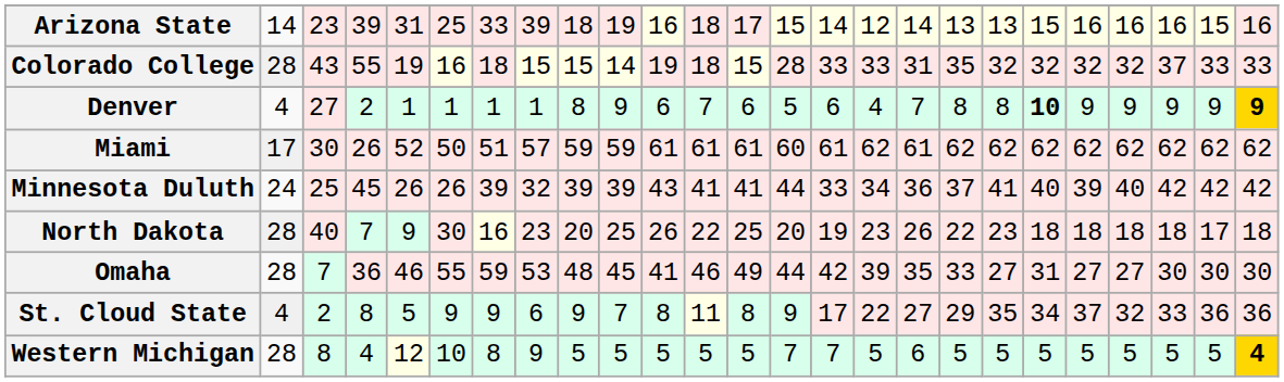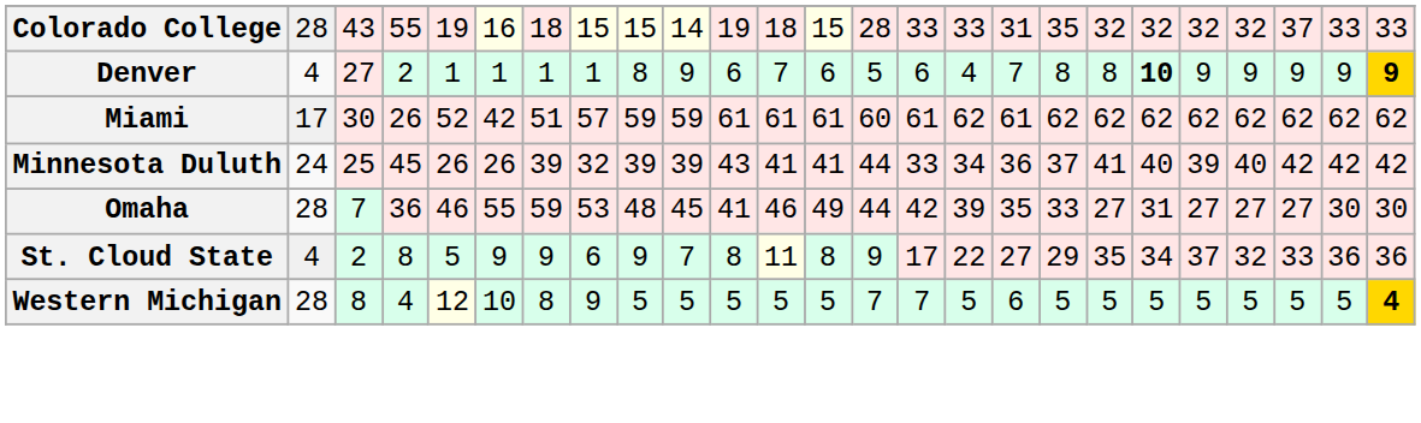 <table class="wikitable sortable" style="text-align: center;">
 <tr>
-</tr>
-<tr>
-<th>Arizona State</th>
-<td>14</td>
-<td bgcolor=FFE6E6>23</td>
-<td bgcolor=FFE6E6>39</td>
-<td bgcolor=FFE6E6>31</td>
-<td bgcolor=FFE6E6>25</td>
-<td bgcolor=FFE6E6>33</td>
-<td bgcolor=FFE6E6>39</td>
-<td bgcolor=FFE6E6>18</td>
-<td bgcolor=FFE6E6>19</td>
-<td bgcolor=FFFFE6>16</td>
-<td bgcolor=FFE6E6>18</td>
-<td bgcolor=FFE6E6>17</td>
-<td bgcolor=FFFFE6>15</td>
-<td bgcolor=FFFFE6>14</td>
-<td bgcolor=FFFFE6>12</td>
-<td bgcolor=FFFFE6>14</td>
-<td bgcolor=FFFFE6>13</td>
-<td bgcolor=FFFFE6>13</td>
-<td bgcolor=FFFFE6>15</td>
-<td bgcolor=FFFFE6>16</td>
-<td bgcolor=FFFFE6>16</td>
-<td bgcolor=FFFFE6>16</td>
-<td bgcolor=FFFFE6>15</td>
-<td bgcolor=FFE6E6>16</td>
 </tr>
 <tr bgcolor=f0f0f0>
 <th>Colorado College</th>
 <td>28</td>
 <td bgcolor=FFE6E6>43</td>
 <td bgcolor=FFE6E6>55</td>
 <td bgcolor=FFE6E6>19</td>
 <td bgcolor=FFFFE6>16</td>
 <td bgcolor=FFE6E6>18</td>
 <td bgcolor=FFFFE6>15</td>
 <td bgcolor=FFFFE6>15</td>
 <td bgcolor=FFFFE6>14</td>
 <td bgcolor=FFE6E6>19</td>
 <td bgcolor=FFE6E6>18</td>
 <td bgcolor=FFFFE6>15</td>
 <td bgcolor=FFE6E6>28</td>
 <td bgcolor=FFE6E6>33</td>
 <td bgcolor=FFE6E6>33</td>
 <td bgcolor=FFE6E6>31</td>
 <td bgcolor=FFE6E6>35</td>
 <td bgcolor=FFE6E6>32</td>
 <td bgcolor=FFE6E6>32</td>
 <td bgcolor=FFE6E6>32</td>
 <td bgcolor=FFE6E6>32</td>
 <td bgcolor=FFE6E6>37</td>
 <td bgcolor=FFE6E6>33</td>
 <td bgcolor=FFE6E6>33</td>
 </tr>
 <tr>
 <th>Denver</th>
 <td>4</td>
 <td bgcolor=FFE6E6>27</td>
 <td bgcolor=D8FFEB>2</td>
 <td bgcolor=D8FFEB>1</td>
 <td bgcolor=D8FFEB>1</td>
 <td bgcolor=D8FFEB>1</td>
 <td bgcolor=D8FFEB>1</td>
 <td bgcolor=D8FFEB>8</td>
 <td bgcolor=D8FFEB>9</td>
 <td bgcolor=D8FFEB>6</td>
 <td bgcolor=D8FFEB>7</td>
 <td bgcolor=D8FFEB>6</td>
 <td bgcolor=D8FFEB>5</td>
 <td bgcolor=D8FFEB>6</td>
 <td bgcolor=D8FFEB>4</td>
 <td bgcolor=D8FFEB>7</td>
 <td bgcolor=D8FFEB>8</td>
 <td bgcolor=D8FFEB>8</td>
 <td bgcolor=D8FFEB><strong>10</strong></td>
 <td bgcolor=D8FFEB>9</td>
 <td bgcolor=D8FFEB>9</td>
 <td bgcolor=D8FFEB>9</td>
 <td bgcolor=D8FFEB>9</td>
 <td bgcolor=gold><strong>9</strong></td>
 </tr>
 <tr bgcolor=f0f0f0>
 <th>Miami</th>
 <td>17</td>
 <td bgcolor=FFE6E6>30</td>
 <td bgcolor=FFE6E6>26</td>
 <td bgcolor=FFE6E6>52</td>
-<td bgcolor=FFE6E6>50</td>
+<td bgcolor=FFE6E6>42</td>
 <td bgcolor=FFE6E6>51</td>
 <td bgcolor=FFE6E6>57</td>
 <td bgcolor=FFE6E6>59</td>
 <td bgcolor=FFE6E6>59</td>
 <td bgcolor=FFE6E6>61</td>
 <td bgcolor=FFE6E6>61</td>
 <td bgcolor=FFE6E6>61</td>
 <td bgcolor=FFE6E6>60</td>
 <td bgcolor=FFE6E6>61</td>
 <td bgcolor=FFE6E6>62</td>
 <td bgcolor=FFE6E6>61</td>
 <td bgcolor=FFE6E6>62</td>
 <td bgcolor=FFE6E6>62</td>
 <td bgcolor=FFE6E6>62</td>
 <td bgcolor=FFE6E6>62</td>
 <td bgcolor=FFE6E6>62</td>
 <td bgcolor=FFE6E6>62</td>
 <td bgcolor=FFE6E6>62</td>
 <td bgcolor=FFE6E6>62</td>
 </tr>
 <tr>
 <th>Minnesota Duluth</th>
 <td>24</td>
 <td bgcolor=FFE6E6>25</td>
 <td bgcolor=FFE6E6>45</td>
 <td bgcolor=FFE6E6>26</td>
 <td bgcolor=FFE6E6>26</td>
 <td bgcolor=FFE6E6>39</td>
 <td bgcolor=FFE6E6>32</td>
 <td bgcolor=FFE6E6>39</td>
 <td bgcolor=FFE6E6>39</td>
 <td bgcolor=FFE6E6>43</td>
 <td bgcolor=FFE6E6>41</td>
 <td bgcolor=FFE6E6>41</td>
 <td bgcolor=FFE6E6>44</td>
 <td bgcolor=FFE6E6>33</td>
 <td bgcolor=FFE6E6>34</td>
 <td bgcolor=FFE6E6>36</td>
 <td bgcolor=FFE6E6>37</td>
 <td bgcolor=FFE6E6>41</td>
 <td bgcolor=FFE6E6>40</td>
 <td bgcolor=FFE6E6>39</td>
 <td bgcolor=FFE6E6>40</td>
 <td bgcolor=FFE6E6>42</td>
 <td bgcolor=FFE6E6>42</td>
 <td bgcolor=FFE6E6>42</td>
 </tr>
-<tr bgcolor=f0f0f0>
-<th>North Dakota</th>
-<td>28</td>
-<td bgcolor=FFE6E6>40</td>
-<td bgcolor=D8FFEB>7</td>
-<td bgcolor=D8FFEB>9</td>
-<td bgcolor=FFE6E6>30</td>
-<td bgcolor=FFFFE6>16</td>
-<td bgcolor=FFE6E6>23</td>
-<td bgcolor=FFE6E6>20</td>
-<td bgcolor=FFE6E6>25</td>
-<td bgcolor=FFE6E6>26</td>
-<td bgcolor=FFE6E6>22</td>
-<td bgcolor=FFE6E6>25</td>
-<td bgcolor=FFE6E6>20</td>
-<td bgcolor=FFE6E6>19</td>
-<td bgcolor=FFE6E6>23</td>
-<td bgcolor=FFE6E6>26</td>
-<td bgcolor=FFE6E6>22</td>
-<td bgcolor=FFE6E6>23</td>
-<td bgcolor=FFE6E6>18</td>
-<td bgcolor=FFE6E6>18</td>
-<td bgcolor=FFE6E6>18</td>
-<td bgcolor=FFE6E6>18</td>
-<td bgcolor=FFE6E6>17</td>
-<td bgcolor=FFE6E6>18</td>
-</tr>
 <tr>
 <th>Omaha</th>
 <td>28</td>
 <td bgcolor=D8FFEB>7</td>
 <td bgcolor=FFE6E6>36</td>
 <td bgcolor=FFE6E6>46</td>
 <td bgcolor=FFE6E6>55</td>
 <td bgcolor=FFE6E6>59</td>
 <td bgcolor=FFE6E6>53</td>
 <td bgcolor=FFE6E6>48</td>
 <td bgcolor=FFE6E6>45</td>
 <td bgcolor=FFE6E6>41</td>
 <td bgcolor=FFE6E6>46</td>
 <td bgcolor=FFE6E6>49</td>
 <td bgcolor=FFE6E6>44</td>
 <td bgcolor=FFE6E6>42</td>
 <td bgcolor=FFE6E6>39</td>
 <td bgcolor=FFE6E6>35</td>
 <td bgcolor=FFE6E6>33</td>
 <td bgcolor=FFE6E6>27</td>
 <td bgcolor=FFE6E6>31</td>
 <td bgcolor=FFE6E6>27</td>
 <td bgcolor=FFE6E6>27</td>
-<td bgcolor=FFE6E6>30</td>
+<td bgcolor=FFE6E6>27</td>
 <td bgcolor=FFE6E6>30</td>
 <td bgcolor=FFE6E6>30</td>
 </tr>
 <tr bgcolor=f0f0f0>
 <th>St. Cloud State</th>
 <td>4</td>
 <td bgcolor=D8FFEB>2</td>
 <td bgcolor=D8FFEB>8</td>
 <td bgcolor=D8FFEB>5</td>
 <td bgcolor=D8FFEB>9</td>
 <td bgcolor=D8FFEB>9</td>
 <td bgcolor=D8FFEB>6</td>
 <td bgcolor=D8FFEB>9</td>
 <td bgcolor=D8FFEB>7</td>
 <td bgcolor=D8FFEB>8</td>
 <td bgcolor=FFFFE6>11</td>
 <td bgcolor=D8FFEB>8</td>
 <td bgcolor=D8FFEB>9</td>
 <td bgcolor=FFE6E6>17</td>
 <td bgcolor=FFE6E6>22</td>
 <td bgcolor=FFE6E6>27</td>
 <td bgcolor=FFE6E6>29</td>
 <td bgcolor=FFE6E6>35</td>
 <td bgcolor=FFE6E6>34</td>
 <td bgcolor=FFE6E6>37</td>
 <td bgcolor=FFE6E6>32</td>
 <td bgcolor=FFE6E6>33</td>
 <td bgcolor=FFE6E6>36</td>
 <td bgcolor=FFE6E6>36</td>
 </tr>
 <tr>
 <th>Western Michigan</th>
 <td>28</td>
 <td bgcolor=D8FFEB>8</td>
 <td bgcolor=D8FFEB>4</td>
 <td bgcolor=FFFFE6>12</td>
 <td bgcolor=D8FFEB>10</td>
 <td bgcolor=D8FFEB>8</td>
 <td bgcolor=D8FFEB>9</td>
 <td bgcolor=D8FFEB>5</td>
 <td bgcolor=D8FFEB>5</td>
 <td bgcolor=D8FFEB>5</td>
 <td bgcolor=D8FFEB>5</td>
 <td bgcolor=D8FFEB>5</td>
 <td bgcolor=D8FFEB>7</td>
 <td bgcolor=D8FFEB>7</td>
 <td bgcolor=D8FFEB>5</td>
 <td bgcolor=D8FFEB>6</td>
 <td bgcolor=D8FFEB>5</td>
 <td bgcolor=D8FFEB>5</td>
 <td bgcolor=D8FFEB>5</td>
 <td bgcolor=D8FFEB>5</td>
 <td bgcolor=D8FFEB>5</td>
 <td bgcolor=D8FFEB>5</td>
 <td bgcolor=D8FFEB>5</td>
 <td bgcolor=gold><strong>4</strong></td>
 </tr>
 </table>
